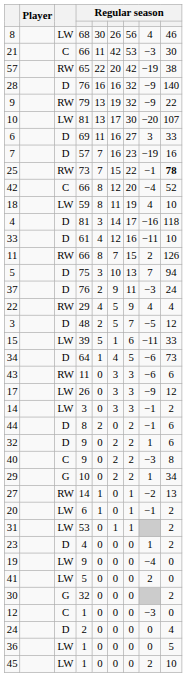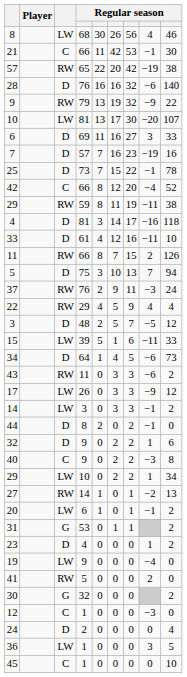 <table class="wikitable sortable plainrowheaders" style="text-align:center;">
 <tr>
 <th scope="col" data-sort-type="number" rowspan="2"></th>
 <th scope="col" rowspan="2">Player</th>
 <th scope="col" rowspan="2"></th>
 <th scope=colgroup colspan=6>Regular season</th>
 </tr>
 <tr>
 <th scope="col" data-sort-type="number"></th>
 <th scope="col" data-sort-type="number"></th>
 <th scope="col" data-sort-type="number"></th>
 <th scope="col" data-sort-type="number"></th>
 <th scope="col" data-sort-type="number"></th>
 <th scope="col" data-sort-type="number"></th>
 </tr>
 <tr>
 <td scope="row">8</td>
 <td align="left"></td>
 <td>LW</td>
 <td>68</td>
 <td>30</td>
 <td>26</td>
 <td>56</td>
 <td>4</td>
 <td>46</td>
 </tr>
 <tr>
 <td scope="row">21</td>
 <td align="left"></td>
 <td>C</td>
 <td>66</td>
 <td>11</td>
 <td>42</td>
 <td>53</td>
-<td>−3</td>
+<td>−1</td>
 <td>30</td>
 </tr>
 <tr>
 <td scope="row">57</td>
 <td align="left"></td>
 <td>RW</td>
 <td>65</td>
 <td>22</td>
 <td>20</td>
 <td>42</td>
 <td>−19</td>
 <td>38</td>
 </tr>
 <tr>
 <td scope="row">28</td>
 <td align="left"></td>
 <td>D</td>
 <td>76</td>
 <td>16</td>
 <td>16</td>
 <td>32</td>
-<td>−9</td>
+<td>−6</td>
 <td>140</td>
 </tr>
 <tr>
 <td scope="row">9</td>
 <td align="left"></td>
 <td>RW</td>
 <td>79</td>
 <td>13</td>
 <td>19</td>
 <td>32</td>
 <td>−9</td>
 <td>22</td>
 </tr>
 <tr>
 <td scope="row">10</td>
 <td align="left"></td>
 <td>LW</td>
 <td>81</td>
 <td>13</td>
 <td>17</td>
 <td>30</td>
 <td>−20</td>
 <td>107</td>
 </tr>
 <tr>
 <td scope="row">6</td>
 <td align="left"></td>
 <td>D</td>
 <td>69</td>
 <td>11</td>
 <td>16</td>
 <td>27</td>
 <td>3</td>
 <td>33</td>
 </tr>
 <tr>
 <td scope="row">7</td>
 <td align="left"></td>
 <td>D</td>
 <td>57</td>
 <td>7</td>
 <td>16</td>
 <td>23</td>
 <td>−19</td>
 <td>16</td>
 </tr>
 <tr>
 <td scope="row">25</td>
 <td align="left"></td>
-<td>RW</td>
+<td>D</td>
 <td>73</td>
 <td>7</td>
 <td>15</td>
 <td>22</td>
 <td>−1</td>
-<td><strong>78</strong></td>
+<td>78</td>
 </tr>
 <tr>
 <td scope="row">42</td>
 <td align="left"></td>
 <td>C</td>
 <td>66</td>
 <td>8</td>
 <td>12</td>
 <td>20</td>
 <td>−4</td>
 <td>52</td>
 </tr>
 <tr>
-<td scope="row">18</td>
+<td scope="row">29</td>
 <td align="left"></td>
-<td>LW</td>
+<td>RW</td>
 <td>59</td>
 <td>8</td>
 <td>11</td>
 <td>19</td>
-<td>4</td>
-<td>10</td>
+<td>−11</td>
+<td>38</td>
 </tr>
 <tr>
 <td scope="row">4</td>
 <td align="left"></td>
 <td>D</td>
 <td>81</td>
 <td>3</td>
 <td>14</td>
 <td>17</td>
 <td>−16</td>
 <td>118</td>
 </tr>
 <tr>
 <td scope="row">33</td>
 <td align="left"></td>
 <td>D</td>
 <td>61</td>
 <td>4</td>
 <td>12</td>
 <td>16</td>
 <td>−11</td>
 <td>10</td>
 </tr>
 <tr>
 <td scope="row">11</td>
 <td align="left"></td>
 <td>RW</td>
 <td>66</td>
 <td>8</td>
 <td>7</td>
 <td>15</td>
 <td>2</td>
 <td>126</td>
 </tr>
 <tr>
 <td scope="row">5</td>
 <td align="left"></td>
 <td>D</td>
 <td>75</td>
 <td>3</td>
 <td>10</td>
 <td>13</td>
 <td>7</td>
 <td>94</td>
 </tr>
 <tr>
 <td scope="row">37</td>
 <td align="left"></td>
-<td>D</td>
+<td>RW</td>
 <td>76</td>
 <td>2</td>
 <td>9</td>
 <td>11</td>
 <td>−3</td>
 <td>24</td>
 </tr>
 <tr>
 <td scope="row">22</td>
 <td align="left"></td>
 <td>RW</td>
 <td>29</td>
 <td>4</td>
 <td>5</td>
 <td>9</td>
 <td>4</td>
 <td>4</td>
 </tr>
 <tr>
 <td scope="row">3</td>
 <td align="left"></td>
 <td>D</td>
 <td>48</td>
 <td>2</td>
 <td>5</td>
 <td>7</td>
 <td>−5</td>
 <td>12</td>
 </tr>
 <tr>
 <td scope="row">15</td>
 <td align="left"></td>
 <td>LW</td>
 <td>39</td>
 <td>5</td>
 <td>1</td>
 <td>6</td>
 <td>−11</td>
 <td>33</td>
 </tr>
 <tr>
 <td scope="row">34</td>
 <td align="left"></td>
 <td>D</td>
 <td>64</td>
 <td>1</td>
 <td>4</td>
 <td>5</td>
 <td>−6</td>
 <td>73</td>
 </tr>
 <tr>
 <td scope="row">43</td>
 <td align="left"></td>
 <td>RW</td>
 <td>11</td>
 <td>0</td>
 <td>3</td>
 <td>3</td>
 <td>−6</td>
-<td>6</td>
+<td>2</td>
 </tr>
 <tr>
 <td scope="row">17</td>
 <td align="left"></td>
 <td>LW</td>
 <td>26</td>
 <td>0</td>
 <td>3</td>
 <td>3</td>
 <td>−9</td>
 <td>12</td>
 </tr>
 <tr>
 <td scope="row">14</td>
 <td align="left"></td>
 <td>LW</td>
 <td>3</td>
 <td>0</td>
 <td>3</td>
 <td>3</td>
 <td>−1</td>
 <td>2</td>
 </tr>
 <tr>
 <td scope="row">44</td>
 <td align="left"></td>
 <td>D</td>
 <td>8</td>
 <td>2</td>
 <td>0</td>
 <td>2</td>
 <td>−1</td>
-<td>6</td>
+<td>0</td>
 </tr>
 <tr>
 <td scope="row">32</td>
 <td align="left"></td>
 <td>D</td>
 <td>9</td>
 <td>0</td>
 <td>2</td>
 <td>2</td>
 <td>1</td>
 <td>6</td>
 </tr>
 <tr>
 <td scope="row">40</td>
 <td align="left"></td>
 <td>C</td>
 <td>9</td>
 <td>0</td>
 <td>2</td>
 <td>2</td>
 <td>−3</td>
 <td>8</td>
 </tr>
 <tr>
 <td scope="row">29</td>
 <td align="left"></td>
-<td>G</td>
+<td>LW</td>
 <td>10</td>
 <td>0</td>
 <td>2</td>
 <td>2</td>
 <td>1</td>
 <td>34</td>
 </tr>
 <tr>
 <td scope="row">27</td>
 <td align="left"></td>
 <td>RW</td>
 <td>14</td>
 <td>1</td>
 <td>0</td>
 <td>1</td>
 <td>−2</td>
 <td>13</td>
 </tr>
 <tr>
 <td scope="row">20</td>
 <td align="left"></td>
 <td>LW</td>
 <td>6</td>
 <td>1</td>
 <td>0</td>
 <td>1</td>
 <td>−1</td>
 <td>2</td>
 </tr>
 <tr>
 <td scope="row">31</td>
 <td align="left"></td>
-<td>LW</td>
+<td>G</td>
 <td>53</td>
 <td>0</td>
 <td>1</td>
 <td>1</td>
 <td style="background:#ccc"></td>
 <td>2</td>
 </tr>
 <tr>
 <td scope="row">23</td>
 <td align="left"></td>
 <td>D</td>
 <td>4</td>
 <td>0</td>
 <td>0</td>
 <td>0</td>
 <td>1</td>
 <td>2</td>
 </tr>
 <tr>
 <td scope="row">19</td>
 <td align="left"></td>
 <td>LW</td>
 <td>9</td>
 <td>0</td>
 <td>0</td>
 <td>0</td>
 <td>−4</td>
 <td>0</td>
 </tr>
 <tr>
 <td scope="row">41</td>
 <td align="left"></td>
-<td>LW</td>
+<td>RW</td>
 <td>5</td>
 <td>0</td>
 <td>0</td>
 <td>0</td>
 <td>2</td>
 <td>0</td>
 </tr>
 <tr>
 <td scope="row">30</td>
 <td align="left"></td>
 <td>G</td>
 <td>32</td>
 <td>0</td>
 <td>0</td>
 <td>0</td>
 <td style="background:#ccc"></td>
 <td>2</td>
 </tr>
 <tr>
 <td scope="row">12</td>
 <td align="left"></td>
 <td>C</td>
 <td>1</td>
 <td>0</td>
 <td>0</td>
 <td>0</td>
 <td>−3</td>
 <td>0</td>
 </tr>
 <tr>
 <td scope="row">24</td>
 <td align="left"></td>
 <td>D</td>
 <td>2</td>
 <td>0</td>
 <td>0</td>
 <td>0</td>
 <td>0</td>
 <td>4</td>
 </tr>
 <tr>
 <td scope="row">36</td>
 <td align="left"></td>
 <td>LW</td>
 <td>1</td>
 <td>0</td>
 <td>0</td>
 <td>0</td>
-<td>0</td>
+<td>3</td>
 <td>5</td>
 </tr>
 <tr>
 <td scope="row">45</td>
 <td align="left"></td>
-<td>LW</td>
+<td>C</td>
 <td>1</td>
 <td>0</td>
 <td>0</td>
 <td>0</td>
-<td>2</td>
+<td>0</td>
 <td>10</td>
 </tr>
 </table>
